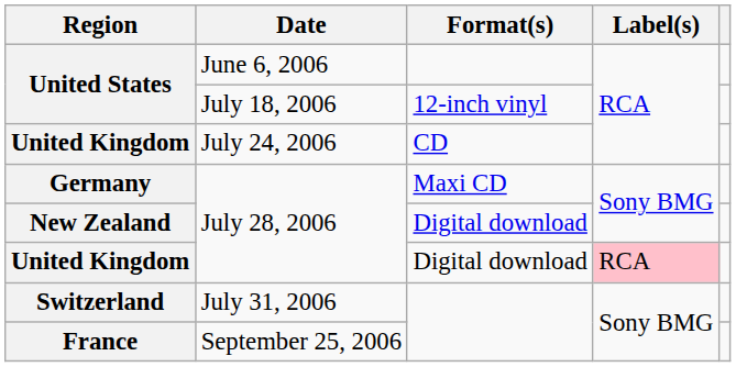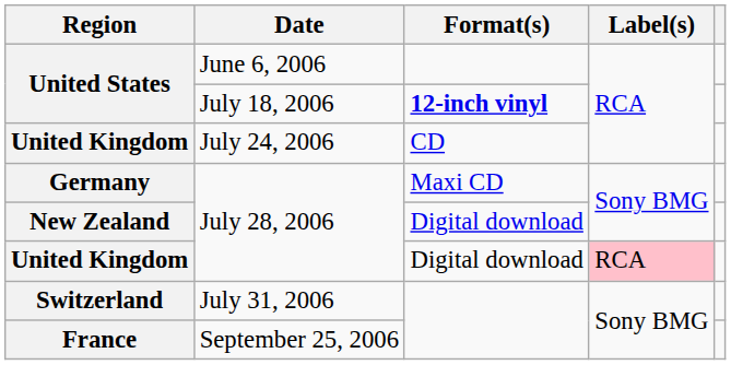 <table class="wikitable sortable plainrowheaders">
 <tr>
 <th scope="col">Region</th>
 <th scope="col">Date</th>
 <th scope="col">Format(s)</th>
 <th scope="col">Label(s)</th>
 <th scope="col"></th>
 </tr>
 <tr>
 <th scope="row" rowspan="2">United States</th>
 <td>June 6, 2006</td>
 <td></td>
 <td rowspan="3"><a href='#'>RCA</a></td>
 <td align="center"></td>
 </tr>
 <tr>
 <td>July 18, 2006</td>
-<td><a href='#'>12-inch vinyl</a></td>
+<td><strong><a href='#'>12-inch vinyl</a></strong></td>
 <td align="center"></td>
 </tr>
 <tr>
 <th scope="row">United Kingdom</th>
 <td>July 24, 2006</td>
 <td><a href='#'>CD</a></td>
 <td align="center"></td>
 </tr>
 <tr>
 <th scope="row">Germany</th>
 <td rowspan="3">July 28, 2006</td>
 <td><a href='#'>Maxi CD</a></td>
 <td rowspan="2"><a href='#'>Sony BMG</a></td>
 <td align="center"></td>
 </tr>
 <tr>
 <th scope="row">New Zealand</th>
 <td><a href='#'>Digital download</a> </td>
 <td align="center"></td>
 </tr>
 <tr>
 <th scope="row">United Kingdom</th>
 <td>Digital download</td>
 <td style="background: pink;">RCA</td>
 <td align="center"></td>
 </tr>
 <tr>
 <th scope="row">Switzerland</th>
 <td>July 31, 2006</td>
 <td rowspan="2"></td>
 <td rowspan="2">Sony BMG</td>
 <td align="center"></td>
 </tr>
 <tr>
 <th scope="row">France</th>
 <td>September 25, 2006</td>
 <td align="center"></td>
 </tr>
 </table>
